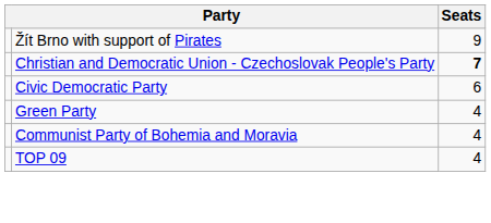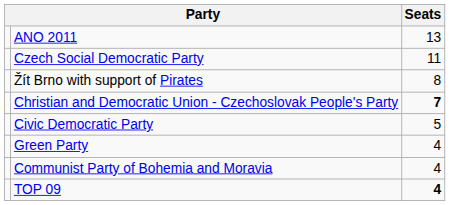 <table class=wikitable style=text-align:right>
 <tr>
 <th colspan=2>Party</th>
 <th>Seats</th>
 </tr>
 <tr>
 <td></td>
+<td align=left><a href='#'>ANO 2011</a></td>
+<td>13</td>
+</tr>
+<tr>
+<td></td>
+<td align=left><a href='#'>Czech Social Democratic Party</a></td>
+<td>11</td>
+</tr>
+<tr>
+<td></td>
 <td align=left>Žít Brno with support of <a href='#'>Pirates</a></td>
-<td>9</td>
+<td>8</td>
 </tr>
 <tr>
 <td></td>
 <td align=left><a href='#'>Christian and Democratic Union - Czechoslovak People's Party</a></td>
 <td><strong>7</strong></td>
 </tr>
 <tr>
 <td></td>
 <td align=left><a href='#'>Civic Democratic Party</a></td>
-<td>6</td>
+<td>5</td>
 </tr>
 <tr>
 <td></td>
 <td align=left><a href='#'>Green Party</a></td>
 <td>4</td>
 </tr>
 <tr>
 <td></td>
 <td align=left><a href='#'>Communist Party of Bohemia and Moravia</a></td>
 <td>4</td>
 </tr>
 <tr>
 <td></td>
 <td align=left><a href='#'>TOP 09</a></td>
-<td>4</td>
+<td><strong>4</strong></td>
 </tr>
 </table>
